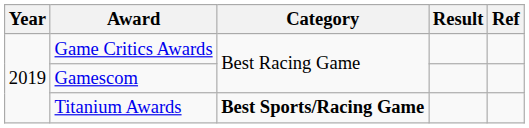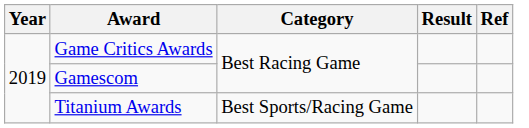 <table class="wikitable sortable">
 <tr>
 <th>Year</th>
 <th>Award</th>
 <th>Category</th>
 <th>Result</th>
 <th>Ref</th>
 </tr>
 <tr>
 <td style="text-align:center;" rowspan="3">2019</td>
 <td><a href='#'>Game Critics Awards</a></td>
 <td rowspan="2">Best Racing Game</td>
 <td></td>
 <td style="text-align:center;"></td>
 </tr>
 <tr>
 <td><a href='#'>Gamescom</a></td>
 <td></td>
 <td style="text-align:center;"></td>
 </tr>
 <tr>
 <td><a href='#'>Titanium Awards</a></td>
-<td><strong>Best Sports/Racing Game</strong></td>
+<td>Best Sports/Racing Game</td>
 <td></td>
 <td style="text-align:center;"></td>
 </tr>
 </table>
